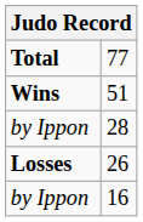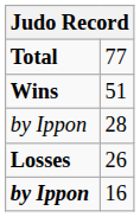 <table class="wikitable">
 <tr>
 <th colspan="2">Judo Record</th>
 </tr>
 <tr>
 <td><strong>Total</strong></td>
 <td>77</td>
 </tr>
 <tr>
 <td><strong>Wins</strong></td>
 <td>51</td>
 </tr>
 <tr>
 <td><em>by Ippon</em></td>
 <td>28</td>
 </tr>
 <tr>
 <td><strong>Losses</strong></td>
 <td>26</td>
 </tr>
 <tr>
-<td><em>by Ippon</em></td>
+<td><strong><em>by Ippon</em></strong></td>
 <td>16</td>
 </tr>
 </table>
